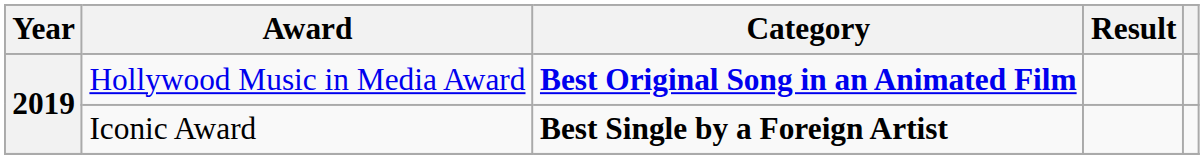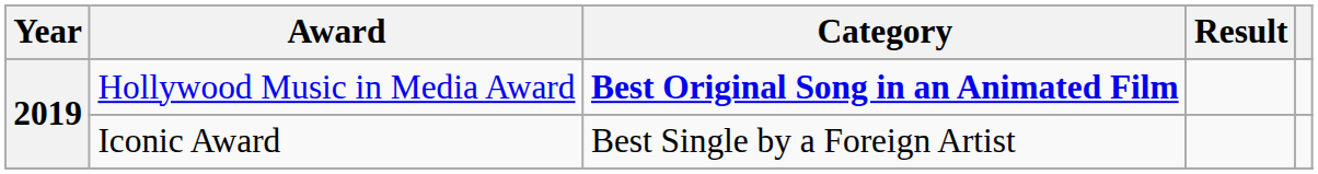 <table class="wikitable plainrowheaders">
 <tr>
 <th scope="col">Year</th>
 <th scope="col">Award</th>
 <th scope="col">Category</th>
 <th scope="col">Result</th>
 <th scope="col"></th>
 </tr>
 <tr>
 <th scope="row"; rowspan="2">2019</th>
 <td><a href='#'>Hollywood Music in Media Award</a></td>
 <td><strong><a href='#'>Best Original Song in an Animated Film</a></strong></td>
 <td></td>
 <td></td>
 </tr>
 <tr>
 <td>Iconic Award</td>
-<td><strong>Best Single by a Foreign Artist</strong></td>
+<td>Best Single by a Foreign Artist</td>
 <td></td>
 <td></td>
 </tr>
 <tr>
 </tr>
 </table>
